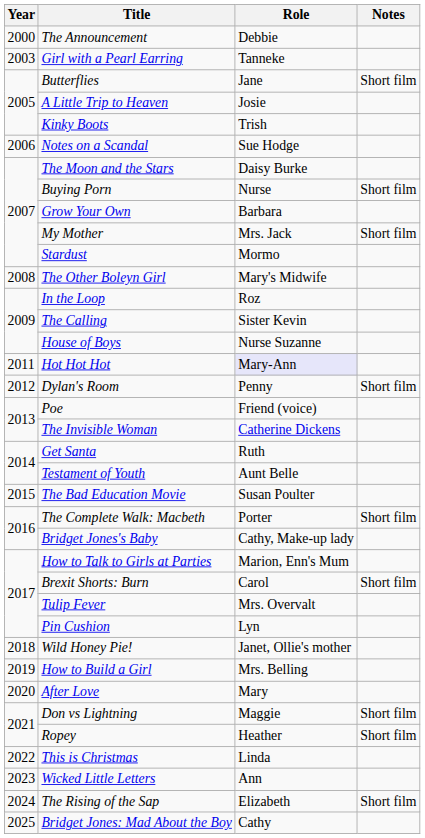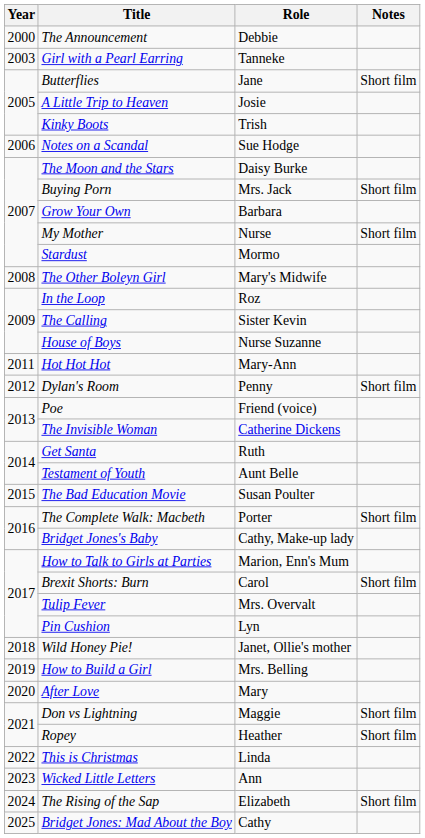 <table class="wikitable sortable">
 <tr>
 <th>Year</th>
 <th>Title</th>
 <th>Role</th>
 <th class="unsortable">Notes</th>
 </tr>
 <tr>
 <td>2000</td>
 <td><em>The Announcement</em></td>
 <td>Debbie</td>
 <td></td>
 </tr>
 <tr>
 <td>2003</td>
 <td><em><a href='#'>Girl with a Pearl Earring</a></em></td>
 <td>Tanneke</td>
 <td></td>
 </tr>
 <tr>
 <td rowspan="3">2005</td>
 <td><em>Butterflies</em></td>
 <td>Jane</td>
 <td>Short film</td>
 </tr>
 <tr>
 <td><em><a href='#'>A Little Trip to Heaven</a></em></td>
 <td>Josie</td>
 <td></td>
 </tr>
 <tr>
 <td><em><a href='#'>Kinky Boots</a></em></td>
 <td>Trish</td>
 <td></td>
 </tr>
 <tr>
 <td>2006</td>
 <td><em><a href='#'>Notes on a Scandal</a></em></td>
 <td>Sue Hodge</td>
 <td></td>
 </tr>
 <tr>
 <td rowspan="5">2007</td>
 <td><em><a href='#'>The Moon and the Stars</a></em></td>
 <td>Daisy Burke</td>
 <td></td>
 </tr>
 <tr>
 <td><em>Buying Porn</em></td>
-<td>Nurse</td>
+<td>Mrs. Jack</td>
 <td>Short film</td>
 </tr>
 <tr>
 <td><em><a href='#'>Grow Your Own</a></em></td>
 <td>Barbara</td>
 <td></td>
 </tr>
 <tr>
 <td><em>My Mother</em></td>
-<td>Mrs. Jack</td>
+<td>Nurse</td>
 <td>Short film</td>
 </tr>
 <tr>
 <td><em><a href='#'>Stardust</a></em></td>
 <td>Mormo</td>
 <td></td>
 </tr>
 <tr>
 <td>2008</td>
 <td><em><a href='#'>The Other Boleyn Girl</a></em></td>
 <td>Mary's Midwife</td>
 <td></td>
 </tr>
 <tr>
 <td rowspan="3">2009</td>
 <td><em><a href='#'>In the Loop</a></em></td>
 <td>Roz</td>
 <td></td>
 </tr>
 <tr>
 <td><em><a href='#'>The Calling</a></em></td>
 <td>Sister Kevin</td>
 <td></td>
 </tr>
 <tr>
 <td><em><a href='#'>House of Boys</a></em></td>
 <td>Nurse Suzanne</td>
 <td></td>
 </tr>
 <tr>
 <td>2011</td>
 <td><em><a href='#'>Hot Hot Hot</a></em></td>
-<td style="background: lavender;">Mary-Ann</td>
+<td>Mary-Ann</td>
 <td></td>
 </tr>
 <tr>
 <td>2012</td>
 <td><em>Dylan's Room</em></td>
 <td>Penny</td>
 <td>Short film</td>
 </tr>
 <tr>
 <td rowspan="2">2013</td>
 <td><em>Poe</em></td>
 <td>Friend (voice)</td>
 <td></td>
 </tr>
 <tr>
 <td><em><a href='#'>The Invisible Woman</a></em></td>
 <td><a href='#'>Catherine Dickens</a></td>
 <td></td>
 </tr>
 <tr>
 <td rowspan="2">2014</td>
 <td><em><a href='#'>Get Santa</a></em></td>
 <td>Ruth</td>
 <td></td>
 </tr>
 <tr>
 <td><em><a href='#'>Testament of Youth</a></em></td>
 <td>Aunt Belle</td>
 <td></td>
 </tr>
 <tr>
 <td>2015</td>
 <td><em><a href='#'>The Bad Education Movie</a></em></td>
 <td>Susan Poulter</td>
 <td></td>
 </tr>
 <tr>
 <td rowspan="2">2016</td>
 <td><em>The Complete Walk: Macbeth</em></td>
 <td>Porter</td>
 <td>Short film</td>
 </tr>
 <tr>
 <td><em><a href='#'>Bridget Jones's Baby</a></em></td>
 <td>Cathy, Make-up lady</td>
 <td></td>
 </tr>
 <tr>
 <td rowspan="4">2017</td>
 <td><em><a href='#'>How to Talk to Girls at Parties</a></em></td>
 <td>Marion, Enn's Mum</td>
 <td></td>
 </tr>
 <tr>
 <td><em>Brexit Shorts: Burn</em></td>
 <td>Carol</td>
 <td>Short film</td>
 </tr>
 <tr>
 <td><em><a href='#'>Tulip Fever</a></em></td>
 <td>Mrs. Overvalt</td>
 <td></td>
 </tr>
 <tr>
 <td><em><a href='#'>Pin Cushion</a></em></td>
 <td>Lyn</td>
 <td></td>
 </tr>
 <tr>
 <td>2018</td>
 <td><em>Wild Honey Pie!</em></td>
 <td>Janet, Ollie's mother</td>
 <td></td>
 </tr>
 <tr>
 <td>2019</td>
 <td><em><a href='#'>How to Build a Girl</a></em></td>
 <td>Mrs. Belling</td>
 <td></td>
 </tr>
 <tr>
 <td>2020</td>
 <td><em><a href='#'>After Love</a></em></td>
 <td>Mary</td>
 <td></td>
 </tr>
 <tr>
 <td rowspan="2">2021</td>
 <td><em>Don vs Lightning</em></td>
 <td>Maggie</td>
 <td>Short film</td>
 </tr>
 <tr>
 <td><em>Ropey</em></td>
 <td>Heather</td>
 <td>Short film</td>
 </tr>
 <tr>
 <td>2022</td>
 <td><em><a href='#'>This is Christmas</a></em></td>
 <td>Linda</td>
 <td></td>
 </tr>
 <tr>
 <td>2023</td>
 <td><em><a href='#'>Wicked Little Letters</a></em></td>
 <td>Ann</td>
 <td></td>
 </tr>
 <tr>
 <td>2024</td>
 <td><em>The Rising of the Sap</em></td>
 <td>Elizabeth</td>
 <td>Short film</td>
 </tr>
 <tr>
 <td>2025</td>
 <td><em><a href='#'>Bridget Jones: Mad About the Boy</a></em></td>
 <td>Cathy</td>
 <td></td>
 </tr>
 </table>
